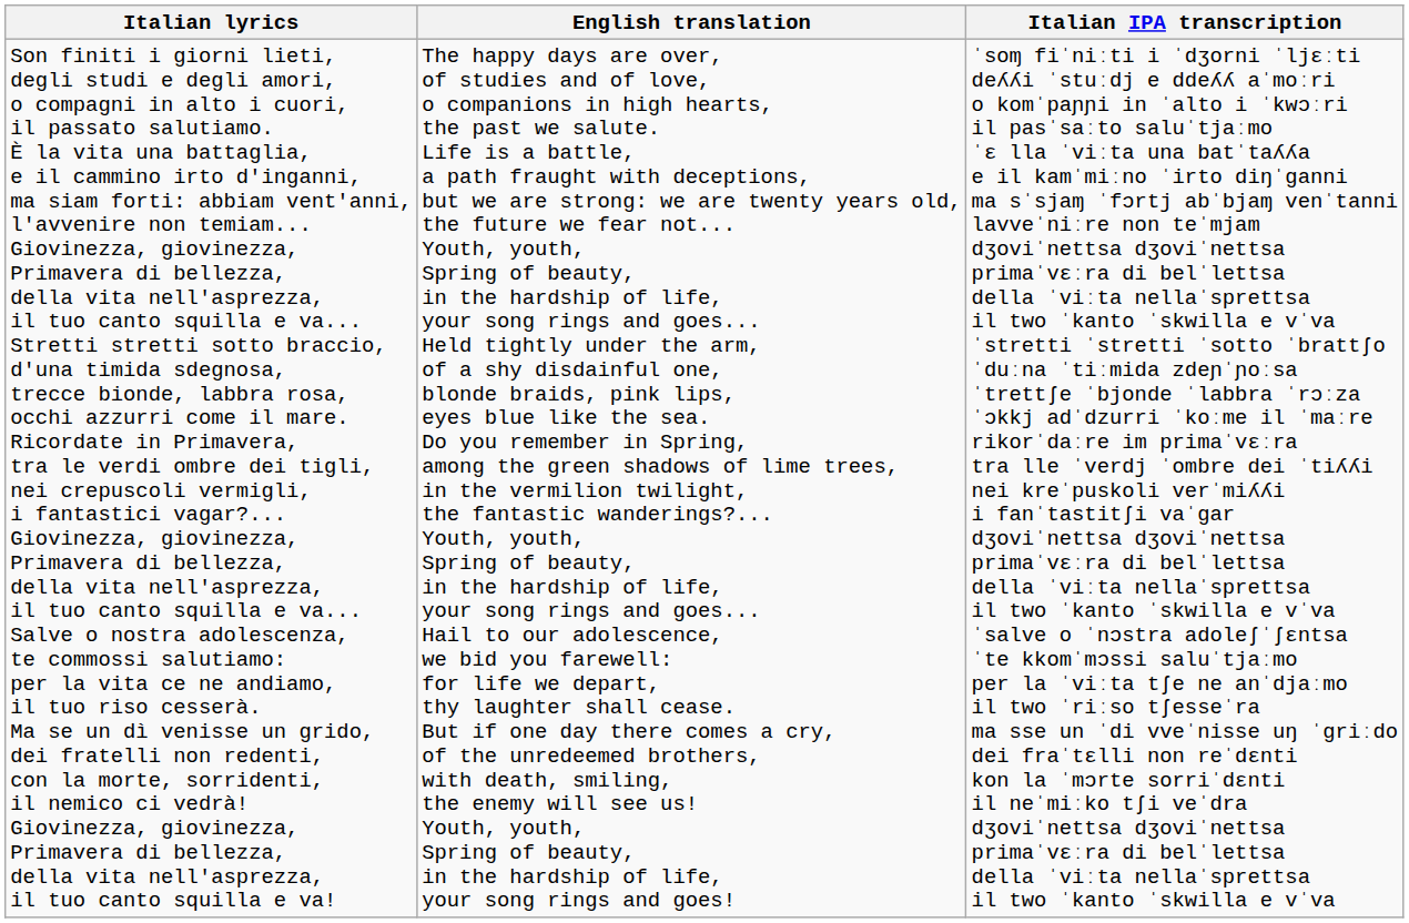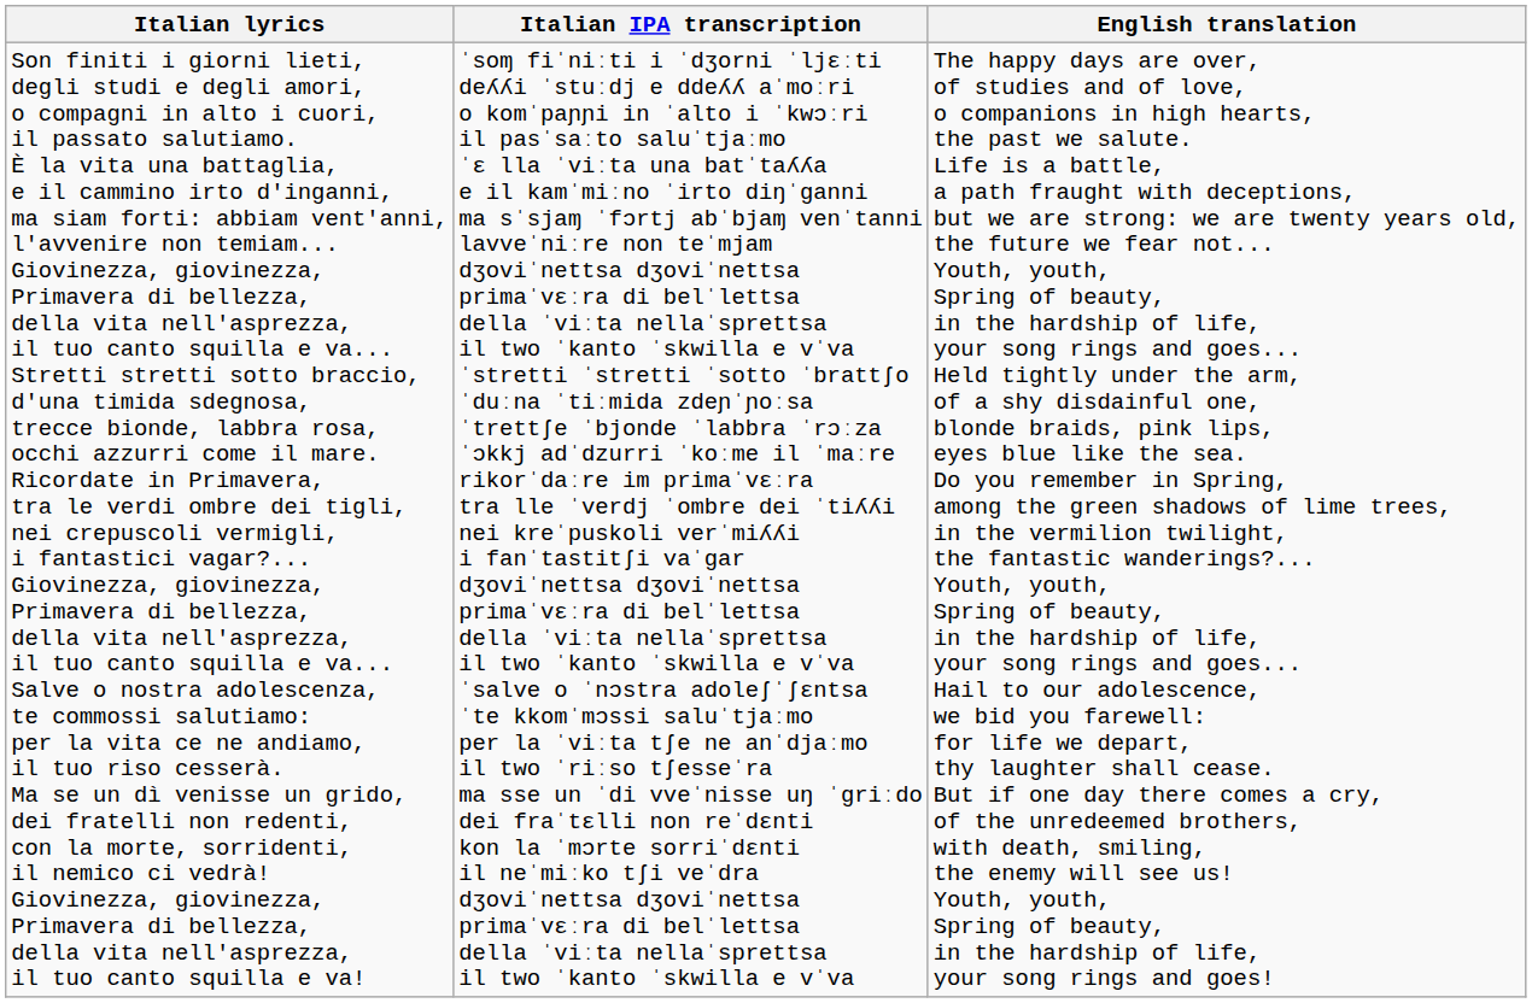 <table class="wikitable">
 <tr>
 <th>Italian lyrics</th>
+<th>Italian <a href='#'>IPA</a> transcription</th>
 <th>English translation</th>
-<th>Italian <a href='#'>IPA</a> transcription</th>
 </tr>
 <tr style="vertical-align:top; white-space:nowrap;">
 <td>Son finiti i giorni lieti,<br>degli studi e degli amori,<br>o compagni in alto i cuori,<br>il passato salutiamo.<br>È la vita una battaglia,<br>e il cammino irto d'inganni,<br>ma siam forti: abbiam vent'anni,<br>l'avvenire non temiam...<br>Giovinezza, giovinezza,<br>Primavera di bellezza,<br>della vita nell'asprezza,<br>il tuo canto squilla e va...<br>Stretti stretti sotto braccio,<br>d'una timida sdegnosa,<br>trecce bionde, labbra rosa,<br>occhi azzurri come il mare.<br>Ricordate in Primavera,<br>tra le verdi ombre dei tigli,<br>nei crepuscoli vermigli,<br>i fantastici vagar?...<br>Giovinezza, giovinezza,<br>Primavera di bellezza,<br>della vita nell'asprezza,<br>il tuo canto squilla e va...<br>Salve o nostra adolescenza,<br>te commossi salutiamo:<br>per la vita ce ne andiamo,<br>il tuo riso cesserà.<br>Ma se un dì venisse un grido,<br>dei fratelli non redenti,<br>con la morte, sorridenti,<br>il nemico ci vedrà!<br>Giovinezza, giovinezza,<br>Primavera di bellezza,<br>della vita nell'asprezza,<br>il tuo canto squilla e va!</td>
+<td>ˈsoɱ fiˈniːti i ˈdʒorni ˈljɛːti<br>deʎʎi ˈstuːdj e ddeʎʎ aˈmoːri<br>o komˈpaɲɲi in ˈalto i ˈkwɔːri<br>il pasˈsaːto saluˈtjaːmo<br>ˈɛ lla ˈviːta una batˈtaʎʎa<br>e il kamˈmiːno ˈirto diŋˈɡanni<br>ma sˈsjaɱ ˈfɔrtj abˈbjaɱ venˈtanni<br>lavveˈniːre non teˈmjam<br>dʒoviˈnettsa dʒoviˈnettsa<br>primaˈvɛːra di belˈlettsa<br>della ˈviːta nellaˈsprettsa<br>il two ˈkanto ˈskwilla e vˈva<br>ˈstretti ˈstretti ˈsotto ˈbrattʃo<br>ˈduːna ˈtiːmida zdeɲˈɲoːsa<br>ˈtrettʃe ˈbjonde ˈlabbra ˈrɔːza<br>ˈɔkkj adˈdzurri ˈkoːme il ˈmaːre<br>rikorˈdaːre im primaˈvɛːra<br>tra lle ˈverdj ˈombre dei ˈtiʎʎi<br>nei kreˈpuskoli verˈmiʎʎi<br>i fanˈtastitʃi vaˈɡar<br>dʒoviˈnettsa dʒoviˈnettsa<br>primaˈvɛːra di belˈlettsa<br>della ˈviːta nellaˈsprettsa<br>il two ˈkanto ˈskwilla e vˈva<br>ˈsalve o ˈnɔstra adoleʃˈʃɛntsa<br>ˈte kkomˈmɔssi saluˈtjaːmo<br>per la ˈviːta tʃe ne anˈdjaːmo<br>il two ˈriːso tʃesseˈra<br>ma sse un ˈdi vveˈnisse uŋ ˈɡriːdo<br>dei fraˈtɛlli non reˈdɛnti<br>kon la ˈmɔrte sorriˈdɛnti<br>il neˈmiːko tʃi veˈdra<br>dʒoviˈnettsa dʒoviˈnettsa<br>primaˈvɛːra di belˈlettsa<br>della ˈviːta nellaˈsprettsa<br>il two ˈkanto ˈskwilla e vˈva</td>
 <td>The happy days are over,<br>of studies and of love,<br>o companions in high hearts,<br>the past we salute.<br>Life is a battle,<br>a path fraught with deceptions,<br>but we are strong: we are twenty years old,<br>the future we fear not...<br>Youth, youth,<br>Spring of beauty,<br>in the hardship of life,<br>your song rings and goes...<br>Held tightly under the arm,<br>of a shy disdainful one,<br>blonde braids, pink lips,<br>eyes blue like the sea.<br>Do you remember in Spring,<br>among the green shadows of lime trees,<br>in the vermilion twilight,<br>the fantastic wanderings?...<br>Youth, youth,<br>Spring of beauty,<br>in the hardship of life,<br>your song rings and goes...<br>Hail to our adolescence,<br>we bid you farewell:<br>for life we depart,<br>thy laughter shall cease.<br>But if one day there comes a cry,<br>of the unredeemed brothers,<br>with death, smiling,<br>the enemy will see us!<br>Youth, youth,<br>Spring of beauty,<br>in the hardship of life,<br>your song rings and goes!</td>
-<td>ˈsoɱ fiˈniːti i ˈdʒorni ˈljɛːti<br>deʎʎi ˈstuːdj e ddeʎʎ aˈmoːri<br>o komˈpaɲɲi in ˈalto i ˈkwɔːri<br>il pasˈsaːto saluˈtjaːmo<br>ˈɛ lla ˈviːta una batˈtaʎʎa<br>e il kamˈmiːno ˈirto diŋˈɡanni<br>ma sˈsjaɱ ˈfɔrtj abˈbjaɱ venˈtanni<br>lavveˈniːre non teˈmjam<br>dʒoviˈnettsa dʒoviˈnettsa<br>primaˈvɛːra di belˈlettsa<br>della ˈviːta nellaˈsprettsa<br>il two ˈkanto ˈskwilla e vˈva<br>ˈstretti ˈstretti ˈsotto ˈbrattʃo<br>ˈduːna ˈtiːmida zdeɲˈɲoːsa<br>ˈtrettʃe ˈbjonde ˈlabbra ˈrɔːza<br>ˈɔkkj adˈdzurri ˈkoːme il ˈmaːre<br>rikorˈdaːre im primaˈvɛːra<br>tra lle ˈverdj ˈombre dei ˈtiʎʎi<br>nei kreˈpuskoli verˈmiʎʎi<br>i fanˈtastitʃi vaˈɡar<br>dʒoviˈnettsa dʒoviˈnettsa<br>primaˈvɛːra di belˈlettsa<br>della ˈviːta nellaˈsprettsa<br>il two ˈkanto ˈskwilla e vˈva<br>ˈsalve o ˈnɔstra adoleʃˈʃɛntsa<br>ˈte kkomˈmɔssi saluˈtjaːmo<br>per la ˈviːta tʃe ne anˈdjaːmo<br>il two ˈriːso tʃesseˈra<br>ma sse un ˈdi vveˈnisse uŋ ˈɡriːdo<br>dei fraˈtɛlli non reˈdɛnti<br>kon la ˈmɔrte sorriˈdɛnti<br>il neˈmiːko tʃi veˈdra<br>dʒoviˈnettsa dʒoviˈnettsa<br>primaˈvɛːra di belˈlettsa<br>della ˈviːta nellaˈsprettsa<br>il two ˈkanto ˈskwilla e vˈva</td>
 </tr>
 </table>
